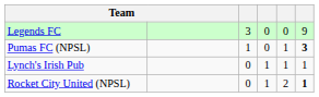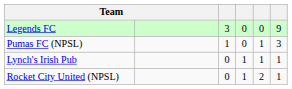 <table class="wikitable" style="text-align: center">
 <tr>
 <th colspan="2">Team</th>
 <th style="width:20px;"></th>
 <th style="width:20px;"></th>
 <th style="width:20px;"></th>
 <th style="width:20px;"></th>
 </tr>
 <tr style="background:#cfc;">
 <td style="text-align:left; width:200px;"><a href='#'>Legends FC</a></td>
 <td style="text-align:left; width:125px;"></td>
 <td>3</td>
 <td>0</td>
 <td>0</td>
 <td>9</td>
 </tr>
 <tr>
 <td align="left"><a href='#'>Pumas FC</a> (NPSL)</td>
 <td align="left"></td>
 <td>1</td>
 <td>0</td>
 <td>1</td>
-<td><strong>3</strong></td>
+<td>3</td>
 </tr>
 <tr>
 <td align="left"><a href='#'>Lynch's Irish Pub</a></td>
 <td align="left"></td>
 <td>0</td>
 <td>1</td>
 <td>1</td>
 <td>1</td>
 </tr>
 <tr>
 <td align="left"><a href='#'>Rocket City United</a> (NPSL)</td>
 <td align="left"></td>
 <td>0</td>
 <td>1</td>
 <td>2</td>
-<td><strong>1</strong></td>
+<td>1</td>
 </tr>
 </table>
